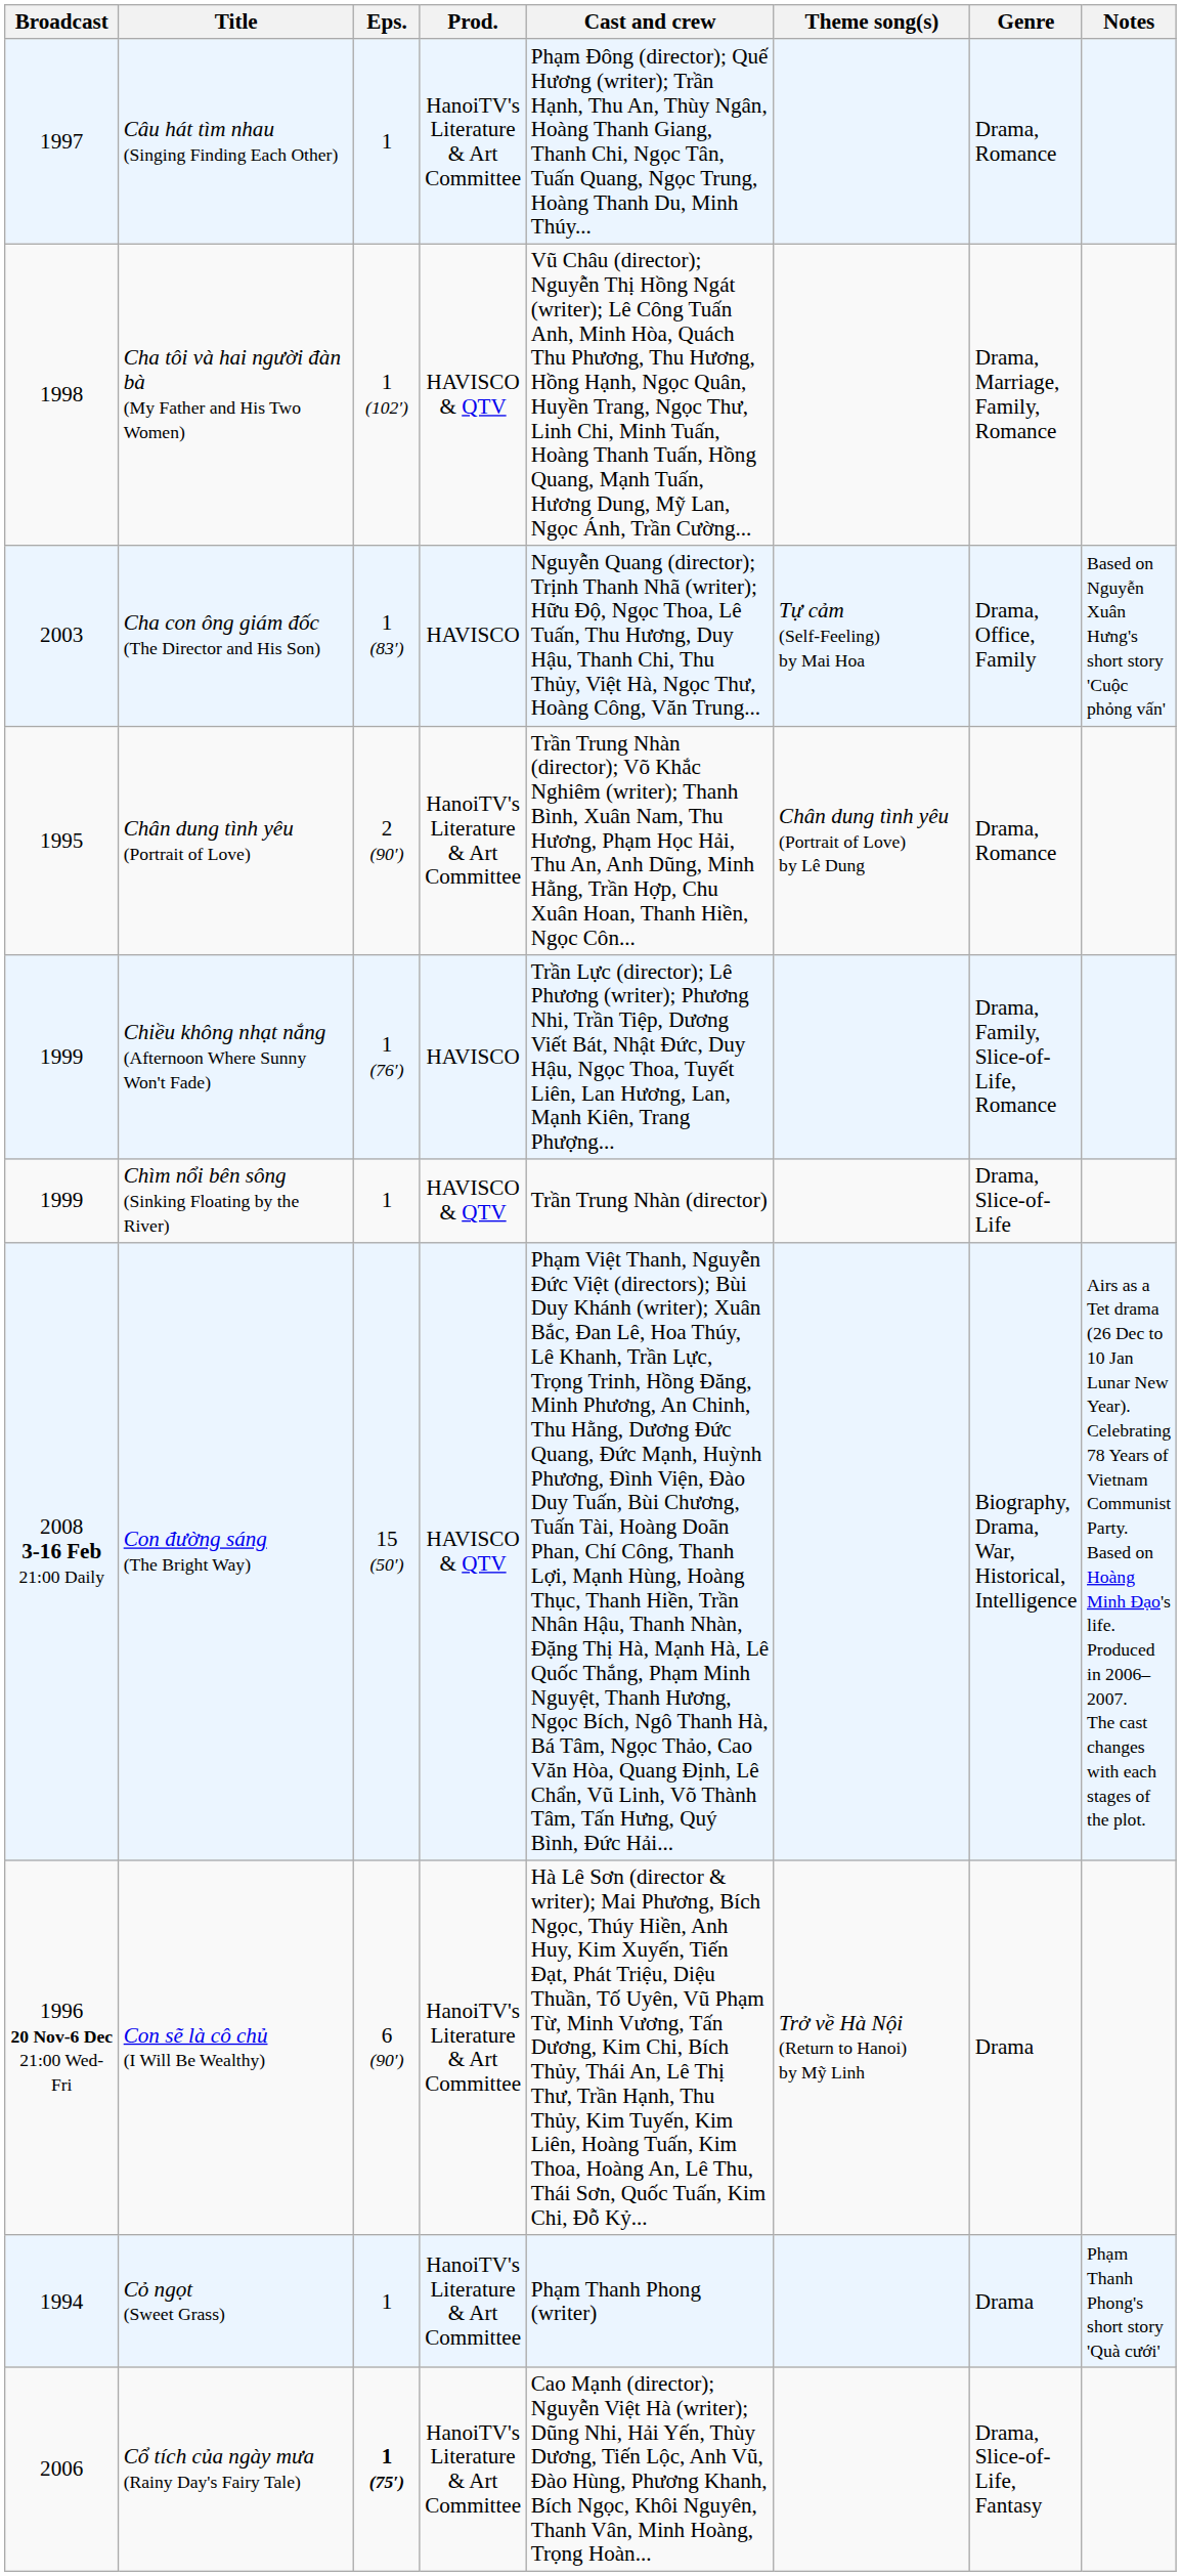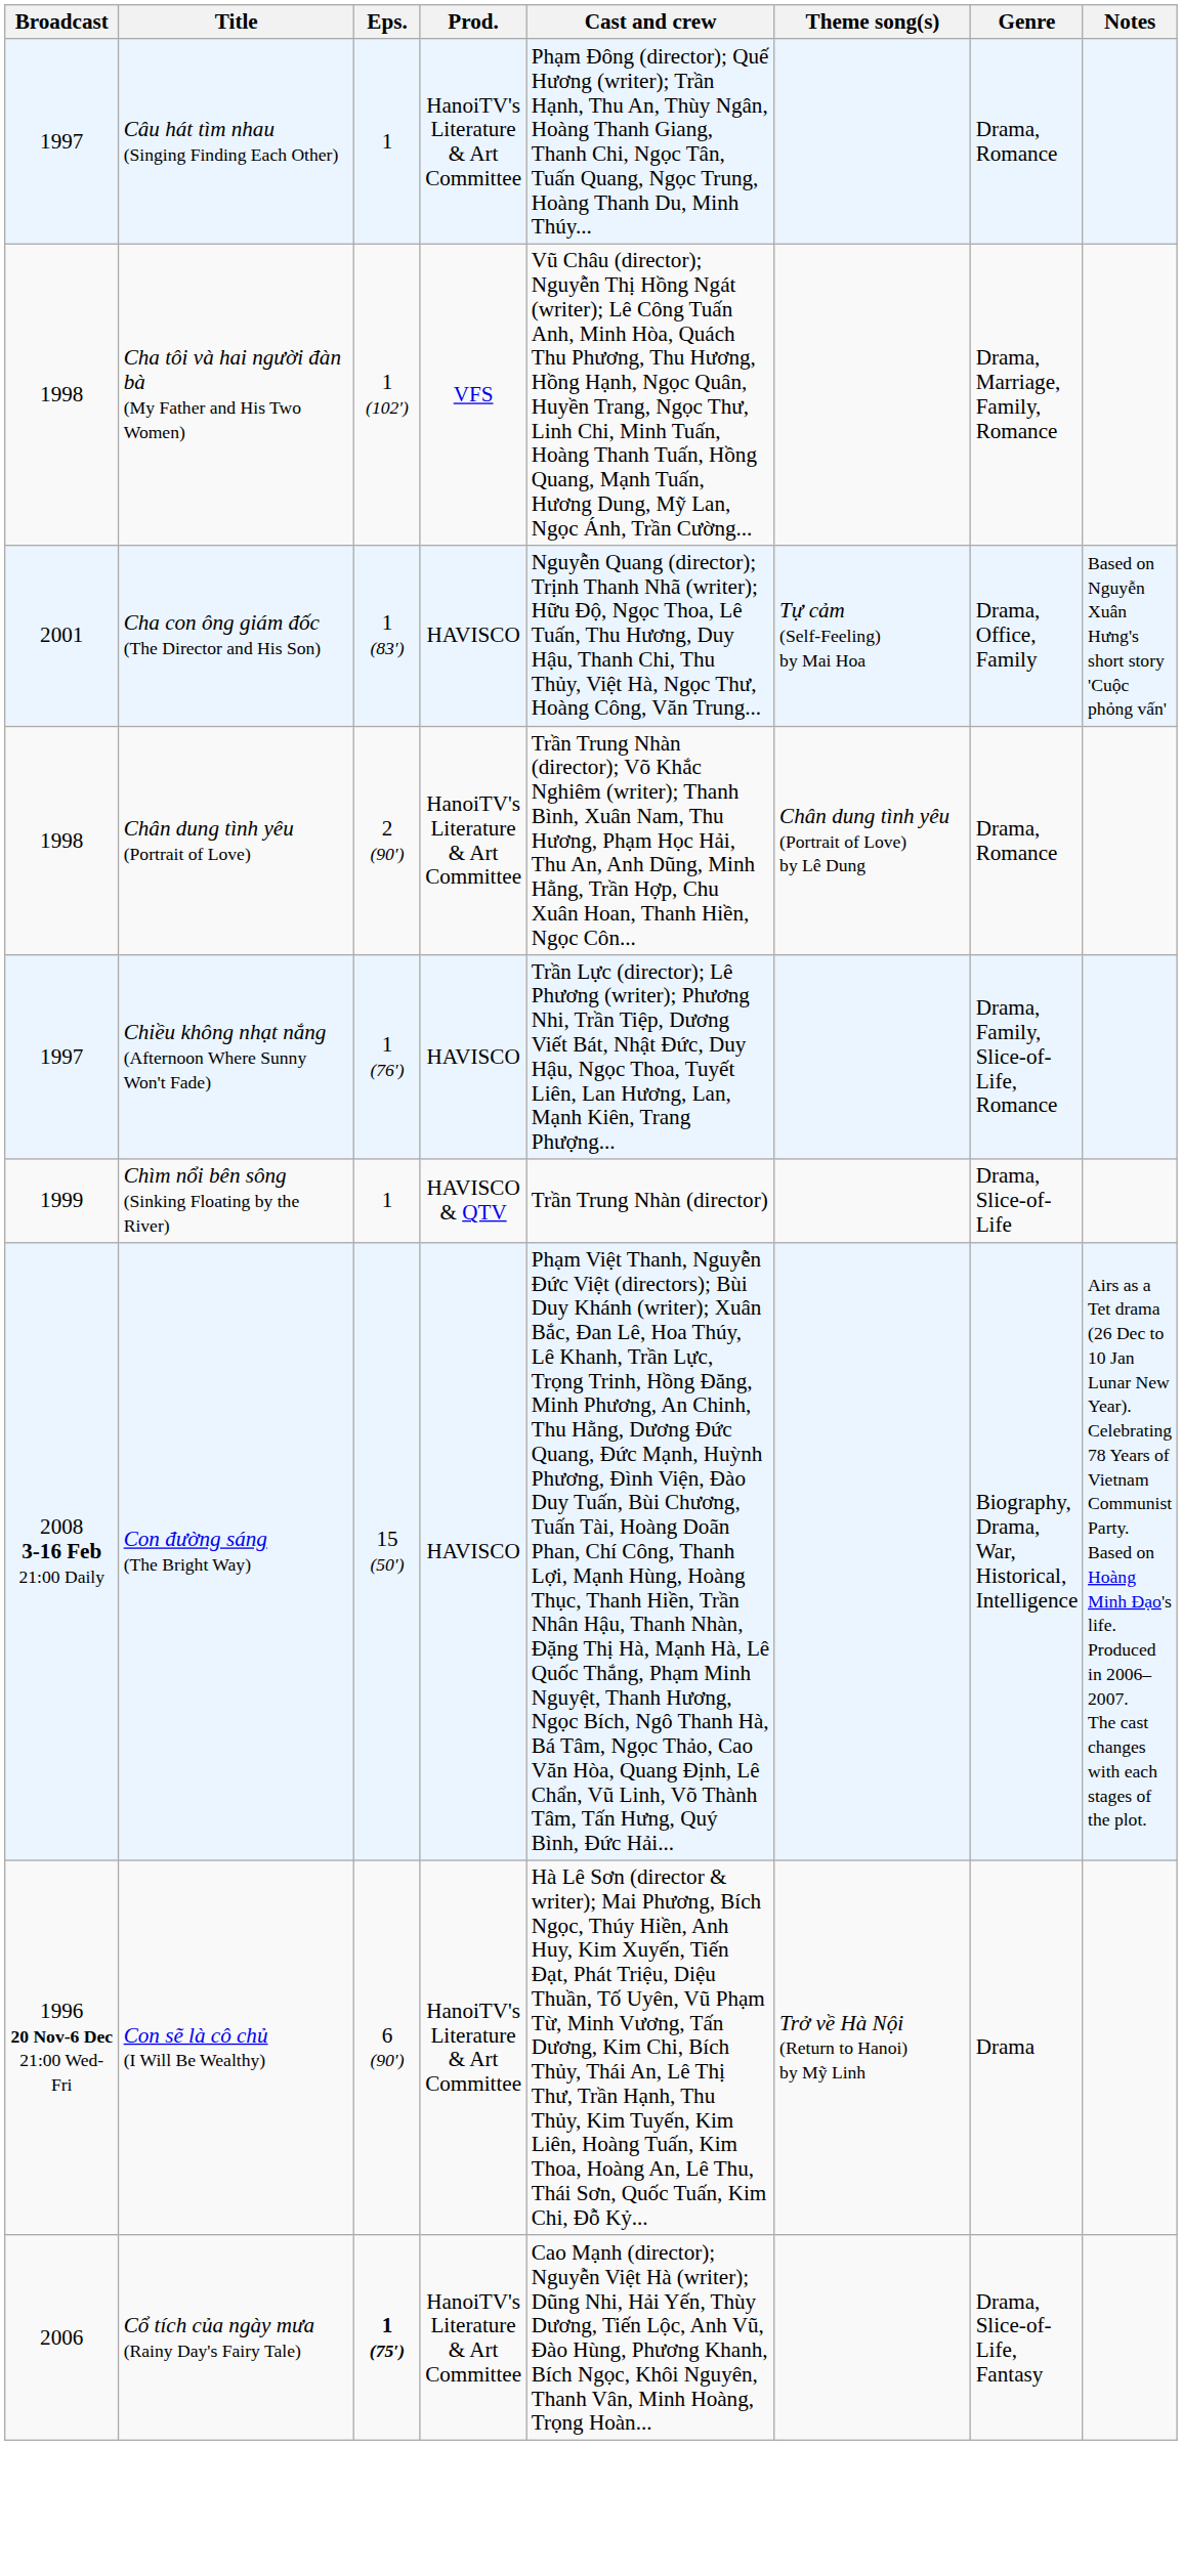 <table class="wikitable sortable">
 <tr>
 <th style="width:10%;">Broadcast</th>
 <th style="width:24%;">Title</th>
 <th style="width:6%;">Eps.</th>
 <th style="width:5%;">Prod.</th>
 <th style="width:25%;">Cast and crew</th>
 <th style="width:20%;">Theme song(s)</th>
 <th style="width:5%;">Genre</th>
 <th style="width:5%;">Notes</th>
 </tr>
 <tr ---- bgcolor="#ebf5ff">
 <td style="text-align:center;">1997 <br></td>
 <td><em>Câu hát tìm nhau</em> <br><small>(Singing Finding Each Other)</small></td>
 <td style="text-align:center;">1</td>
 <td style="text-align:center;">HanoiTV's Literature & Art Committee</td>
 <td>Phạm Đông (director); Quế Hương (writer); Trần Hạnh, Thu An, Thùy Ngân, Hoàng Thanh Giang, Thanh Chi, Ngọc Tân, Tuấn Quang, Ngọc Trung, Hoàng Thanh Du, Minh Thúy...</td>
 <td></td>
 <td>Drama, Romance</td>
 <td></td>
 </tr>
 <tr>
 <td style="text-align:center;">1998 <br></td>
 <td><em>Cha tôi và hai người đàn bà</em> <br><small>(My Father and His Two Women)</small></td>
 <td style="text-align:center;">1<br><small><em>(102′)</em></small></td>
-<td style="text-align:center;">HAVISCO & <a href='#'>QTV</a></td>
+<td style="text-align:center;"><a href='#'>VFS</a></td>
 <td>Vũ Châu (director); Nguyễn Thị Hồng Ngát (writer); Lê Công Tuấn Anh, Minh Hòa, Quách Thu Phương, Thu Hương, Hồng Hạnh, Ngọc Quân, Huyền Trang, Ngọc Thư, Linh Chi, Minh Tuấn, Hoàng Thanh Tuấn, Hồng Quang, Mạnh Tuấn, Hương Dung, Mỹ Lan, Ngọc Ánh, Trần Cường...</td>
 <td></td>
 <td>Drama, Marriage, Family, Romance</td>
 <td></td>
 </tr>
 <tr ---- bgcolor="#ebf5ff">
-<td style="text-align:center;">2003<br></td>
+<td style="text-align:center;">2001<br></td>
 <td><em>Cha con ông giám đốc</em> <br><small>(The Director and His Son)</small></td>
 <td style="text-align:center;">1<br><small><em>(83′)</em></small></td>
 <td style="text-align:center;">HAVISCO</td>
 <td>Nguyễn Quang (director); Trịnh Thanh Nhã (writer); Hữu Độ, Ngọc Thoa, Lê Tuấn, Thu Hương, Duy Hậu, Thanh Chi, Thu Thủy, Việt Hà, Ngọc Thư, Hoàng Công, Văn Trung...</td>
 <td><em>Tự cảm</em><br><small>(Self-Feeling)<br>by Mai Hoa</small></td>
 <td>Drama, Office, Family</td>
 <td><small>Based on Nguyễn Xuân Hưng's short story 'Cuộc phỏng vấn'</small></td>
 </tr>
 <tr>
-<td style="text-align:center;">1995<br></td>
+<td style="text-align:center;">1998<br></td>
 <td><em>Chân dung tình yêu</em> <br><small>(Portrait of Love)</small></td>
 <td style="text-align:center;">2<br><small><em>(90′)</em></small></td>
 <td style="text-align:center;">HanoiTV's Literature & Art Committee</td>
 <td>Trần Trung Nhàn (director); Võ Khắc Nghiêm (writer); Thanh Bình, Xuân Nam, Thu Hương, Phạm Học Hải, Thu An, Anh Dũng, Minh Hằng, Trần Hợp, Chu Xuân Hoan, Thanh Hiền, Ngọc Côn...</td>
 <td><em>Chân dung tình yêu</em><br><small>(Portrait of Love)<br>by Lê Dung</small></td>
 <td>Drama, Romance</td>
 <td></td>
 </tr>
 <tr ---- bgcolor="#ebf5ff">
-<td style="text-align:center;">1999<br></td>
+<td style="text-align:center;">1997<br></td>
 <td><em>Chiều không nhạt nắng</em> <br><small>(Afternoon Where Sunny Won't Fade)</small></td>
 <td style="text-align:center;">1<br><small><em>(76′)</em></small></td>
 <td style="text-align:center;">HAVISCO</td>
 <td>Trần Lực (director); Lê Phương (writer); Phương Nhi, Trần Tiệp, Dương Viết Bát, Nhật Đức, Duy Hậu, Ngọc Thoa, Tuyết Liên, Lan Hương, Lan, Mạnh Kiên, Trang Phượng...</td>
 <td></td>
 <td>Drama, Family, Slice-of-Life, Romance</td>
 <td></td>
 </tr>
 <tr>
 <td style="text-align:center;">1999<br></td>
 <td><em>Chìm nổi bên sông</em> <br><small>(Sinking Floating by the River)</small></td>
 <td style="text-align:center;">1</td>
 <td style="text-align:center;">HAVISCO & <a href='#'>QTV</a></td>
 <td>Trần Trung Nhàn (director)</td>
 <td></td>
 <td>Drama, Slice-of-Life</td>
 <td></td>
 </tr>
 <tr ---- bgcolor="#ebf5ff">
 <td style="text-align:center;">2008<br><strong>3-16 Feb</strong><br><small>21:00 Daily</small><br> </td>
 <td><em><a href='#'>Con đường sáng</a></em> <br><small>(The Bright Way)</small></td>
 <td style="text-align:center;">15<br><small><em>(50′)</em></small></td>
-<td style="text-align:center;">HAVISCO & <a href='#'>QTV</a></td>
+<td style="text-align:center;">HAVISCO</td>
 <td>Phạm Việt Thanh, Nguyễn Đức Việt (directors); Bùi Duy Khánh (writer); Xuân Bắc, Đan Lê, Hoa Thúy, Lê Khanh, Trần Lực, Trọng Trinh, Hồng Đăng, Minh Phương, An Chinh, Thu Hằng, Dương Đức Quang, Đức Mạnh, Huỳnh Phương, Đình Viện, Đào Duy Tuấn, Bùi Chương, Tuấn Tài, Hoàng Doãn Phan, Chí Công, Thanh Lợi, Mạnh Hùng, Hoàng Thục, Thanh Hiền, Trần Nhân Hậu, Thanh Nhàn, Đặng Thị Hà, Mạnh Hà, Lê Quốc Thắng, Phạm Minh Nguyệt, Thanh Hương, Ngọc Bích, Ngô Thanh Hà, Bá Tâm, Ngọc Thảo, Cao Văn Hòa, Quang Định, Lê Chẩn, Vũ Linh, Võ Thành Tâm, Tấn Hưng, Quý Bình, Đức Hải...</td>
 <td></td>
 <td>Biography, Drama, War, Historical, Intelligence</td>
 <td><small>Airs as a Tet drama (26 Dec to 10 Jan Lunar New Year).<br>Celebrating 78 Years of Vietnam Communist Party.<br>Based on <a href='#'>Hoàng Minh Đạo</a>'s life.<br>Produced in 2006–2007.<br>The cast changes with each stages of the plot.</small></td>
 </tr>
 <tr>
 <td style="text-align:center;">1996<br><small><strong>20 Nov-6 Dec</strong></small><br><small>21:00 Wed-Fri</small> <br></td>
 <td><em><a href='#'>Con sẽ là cô chủ</a></em> <br><small>(I Will Be Wealthy)</small></td>
 <td style="text-align:center;">6<br><small><em>(90′)</em></small></td>
 <td style="text-align:center;">HanoiTV's Literature & Art Committee</td>
 <td>Hà Lê Sơn (director & writer); Mai Phương, Bích Ngọc, Thúy Hiền, Anh Huy, Kim Xuyến, Tiến Đạt, Phát Triệu, Diệu Thuần, Tố Uyên, Vũ Phạm Từ, Minh Vương, Tấn Dương, Kim Chi, Bích Thủy, Thái An, Lê Thị Thư, Trần Hạnh, Thu Thủy, Kim Tuyến, Kim Liên, Hoàng Tuấn, Kim Thoa, Hoàng An, Lê Thu, Thái Sơn, Quốc Tuấn, Kim Chi, Đỗ Kỷ...</td>
 <td><em>Trở về Hà Nội</em><br><small>(Return to Hanoi)<br>by Mỹ Linh</small></td>
 <td>Drama</td>
 <td></td>
 </tr>
-<tr ---- bgcolor="#ebf5ff">
-<td style="text-align:center;">1994 <br></td>
-<td><em>Cỏ ngọt</em> <br><small>(Sweet Grass)</small></td>
-<td style="text-align:center;">1</td>
-<td style="text-align:center;">HanoiTV's Literature & Art Committee</td>
-<td>Phạm Thanh Phong (writer)</td>
-<td></td>
-<td>Drama</td>
-<td><small> Phạm Thanh Phong's short story 'Quà cưới'</small></td>
-</tr>
 <tr>
 <td style="text-align:center;">2006 <br></td>
 <td><em>Cổ tích của ngày mưa</em> <br><small>(Rainy Day's Fairy Tale)</small></td>
 <td style="text-align:center;"><strong>1<br><small><em>(75′)</em></small></strong></td>
 <td style="text-align:center;">HanoiTV's Literature & Art Committee</td>
 <td>Cao Mạnh (director); Nguyễn Việt Hà (writer); Dũng Nhi, Hải Yến, Thùy Dương, Tiến Lộc, Anh Vũ, Đào Hùng, Phương Khanh, Bích Ngọc, Khôi Nguyên, Thanh Vân, Minh Hoàng, Trọng Hoàn...</td>
 <td></td>
 <td>Drama, Slice-of-Life, Fantasy</td>
 <td></td>
 </tr>
 </table>
